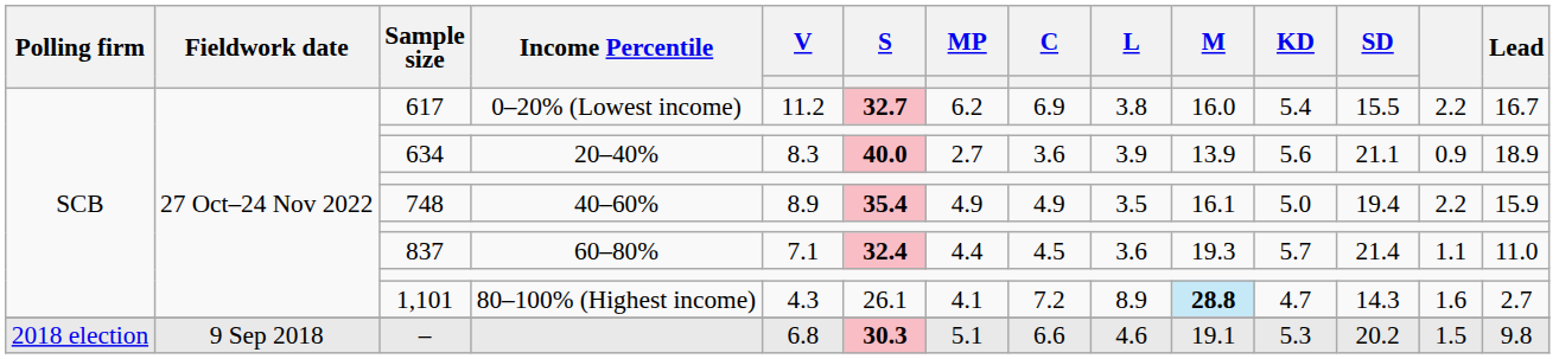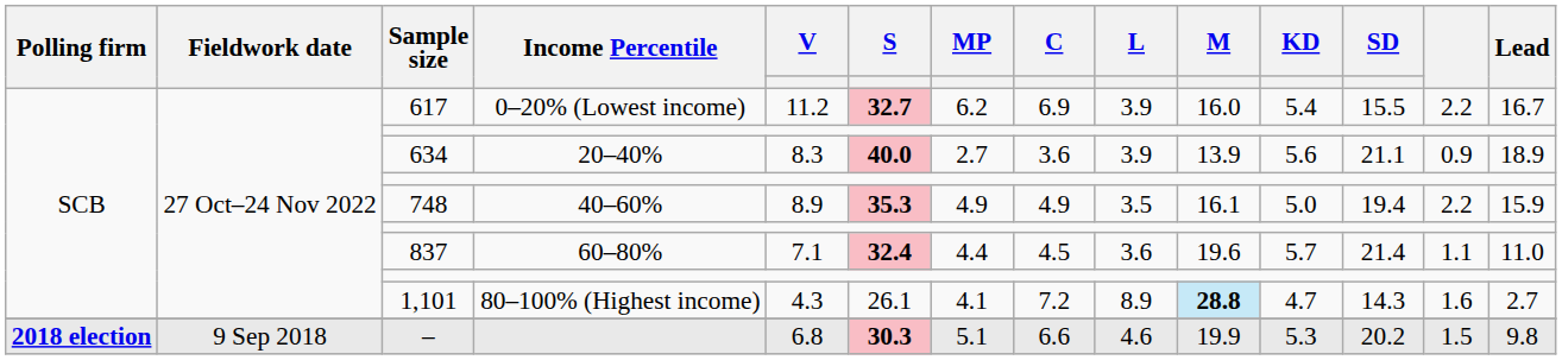 <table class="wikitable sortable" style="text-align:center;font-size:90%;line-height:14px;">
 <tr style="height:40px;">
 <th rowspan="2">Polling firm</th>
 <th rowspan="2">Fieldwork date</th>
 <th rowspan="2">Sample<br>size</th>
 <th rowspan="2">Income  <a href='#'>Percentile</a></th>
 <th class="sortable" style="width:40px;"><a href='#'>V</a></th>
 <th class="sortable" style="width:40px;"><a href='#'>S</a></th>
 <th class="sortable" style="width:40px;"><a href='#'>MP</a></th>
 <th class="sortable" style="width:40px;"><a href='#'>C</a></th>
 <th class="sortable" style="width:40px;"><a href='#'>L</a></th>
 <th class="sortable" style="width:40px;"><a href='#'>M</a></th>
 <th class="sortable" style="width:40px;"><a href='#'>KD</a></th>
 <th class="sortable" style="width:40px;"><a href='#'>SD</a></th>
 <th class="sortable" style="width:30px;" rowspan="2"></th>
 <th style="width:30px;" rowspan="2">Lead</th>
 </tr>
 <tr>
 <th style="background:"></th>
 <th style="background:"></th>
 <th style="background:"></th>
 <th style="background:"></th>
 <th style="background:"></th>
 <th style="background:"></th>
 <th style="background:"></th>
 <th style="background:"></th>
 </tr>
 <tr>
 <td rowspan="9">SCB</td>
 <td rowspan="9">27 Oct–24 Nov 2022</td>
 <td>617</td>
 <td>0–20% (Lowest income)</td>
 <td>11.2</td>
 <td style="background:#F9BDC5;"><strong>32.7</strong></td>
 <td>6.2</td>
 <td>6.9</td>
-<td>3.8</td>
+<td>3.9</td>
 <td>16.0</td>
 <td>5.4</td>
 <td>15.5</td>
 <td>2.2</td>
 <td style="background:">16.7</td>
 </tr>
 <tr>
 <td colspan="12"></td>
 </tr>
 <tr>
 <td>634</td>
 <td>20–40%</td>
 <td>8.3</td>
 <td style="background:#F9BDC5;"><strong>40.0</strong></td>
 <td>2.7</td>
 <td>3.6</td>
 <td>3.9</td>
 <td>13.9</td>
 <td>5.6</td>
 <td>21.1</td>
 <td>0.9</td>
 <td style="background:">18.9</td>
 </tr>
 <tr>
 <td colspan="12"></td>
 </tr>
 <tr>
 <td>748</td>
 <td>40–60%</td>
 <td>8.9</td>
-<td style="background:#F9BDC5;"><strong>35.4</strong></td>
+<td style="background:#F9BDC5;"><strong>35.3</strong></td>
 <td>4.9</td>
 <td>4.9</td>
 <td>3.5</td>
 <td>16.1</td>
 <td>5.0</td>
 <td>19.4</td>
 <td>2.2</td>
 <td style="background:">15.9</td>
 </tr>
 <tr>
 <td colspan="12"></td>
 </tr>
 <tr>
 <td>837</td>
 <td>60–80%</td>
 <td>7.1</td>
 <td style="background:#F9BDC5;"><strong>32.4</strong></td>
 <td>4.4</td>
 <td>4.5</td>
 <td>3.6</td>
-<td>19.3</td>
+<td>19.6</td>
 <td>5.7</td>
 <td>21.4</td>
 <td>1.1</td>
 <td style="background:">11.0</td>
 </tr>
 <tr>
 <td colspan="12"></td>
 </tr>
 <tr>
 <td>1,101</td>
 <td>80–100% (Highest income)</td>
 <td>4.3</td>
 <td>26.1</td>
 <td>4.1</td>
 <td>7.2</td>
 <td>8.9</td>
 <td style="background:#C6E9F7;"><strong>28.8</strong></td>
 <td>4.7</td>
 <td>14.3</td>
 <td>1.6</td>
 <td style="background:">2.7</td>
 </tr>
 <tr>
 </tr>
 <tr style="background:#E9E9E9;">
-<td><a href='#'>2018 election</a></td>
+<td><strong><a href='#'>2018 election</a></strong></td>
 <td data-sort-value="2018-09-09">9 Sep 2018</td>
 <td>–</td>
 <td></td>
 <td>6.8</td>
 <td style="background:#F9BDC5;"><strong>30.3</strong></td>
 <td>5.1</td>
 <td>6.6</td>
 <td>4.6</td>
-<td>19.1</td>
+<td>19.9</td>
 <td>5.3</td>
 <td>20.2</td>
 <td>1.5</td>
 <td style="background:">9.8</td>
 </tr>
 </table>
